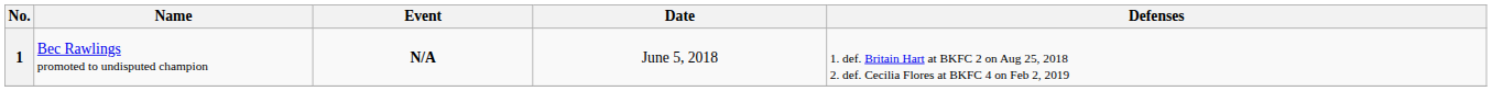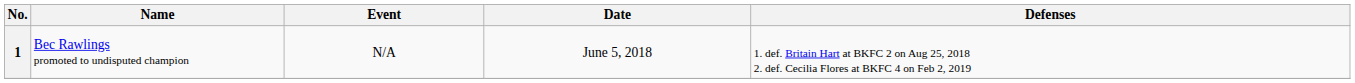 <table class="wikitable" width=100%>
 <tr>
 <th width=1%>No.</th>
 <th width=19%>Name</th>
 <th width=15%>Event</th>
 <th width=20%>Date</th>
 <th width=45%>Defenses</th>
 </tr>
 <tr>
 <th>1</th>
 <td align=left> <a href='#'>Bec Rawlings</a> <br><small>promoted to undisputed champion</small></td>
-<td align=center><strong>N/A</strong></td>
+<td align=center>N/A</td>
 <td align=center>June 5, 2018</td>
 <td><br><small>1. def. <a href='#'>Britain Hart</a> at BKFC 2 on Aug 25, 2018<br> 2. def. Cecilia Flores at BKFC 4 on Feb 2, 2019<br></small></td>
 </tr>
 <tr>
 </tr>
 </table>
